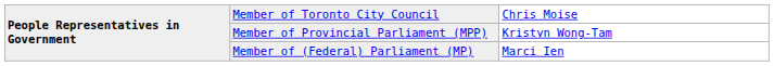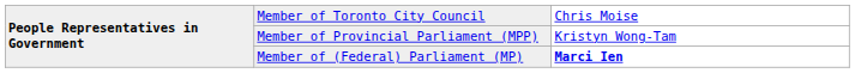 <table class="wikitable">
 <tr>
 <td rowspan=3 style="background:#efefef;" width=250><strong>People Representatives in Government</strong></td>
 <td style="background:#efefef;" width=300><a href='#'>Member of Toronto City Council</a></td>
 <td style="background:#ffffff;" width=300><a href='#'>Chris Moise</a></td>
 </tr>
 <tr>
 <td style="background:#efefef;" width=300><a href='#'>Member of Provincial Parliament (MPP)</a></td>
 <td style="background:#ffffff;" width=300><a href='#'>Kristyn Wong-Tam</a></td>
 </tr>
 <tr>
 <td style="background:#efefef;" width=300><a href='#'>Member of (Federal) Parliament (MP)</a></td>
-<td style="background:#ffffff;" width=300><a href='#'>Marci Ien</a></td>
+<td style="background:#ffffff;" width=300><strong><a href='#'>Marci Ien</a></strong></td>
 </tr>
 </table>
